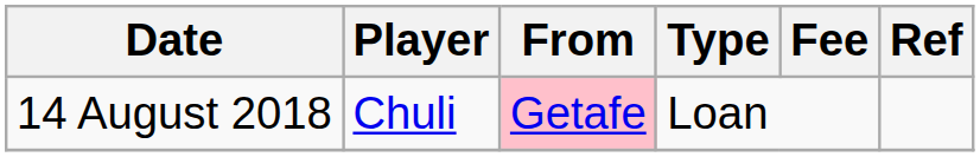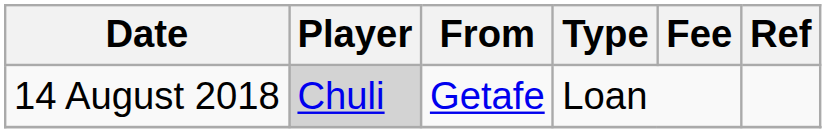 <table class="wikitable">
 <tr>
 <th>Date</th>
 <th>Player</th>
 <th>From</th>
 <th>Type</th>
 <th>Fee</th>
 <th>Ref</th>
 </tr>
 <tr>
 <td>14 August 2018</td>
-<td> <a href='#'>Chuli</a></td>
-<td style="background: pink;"> <a href='#'>Getafe</a></td>
+<td style="background: lightgrey;"> <a href='#'>Chuli</a></td>
+<td> <a href='#'>Getafe</a></td>
 <td colspan=2>Loan</td>
 <td></td>
 </tr>
 <tr>
 </tr>
 </table>
